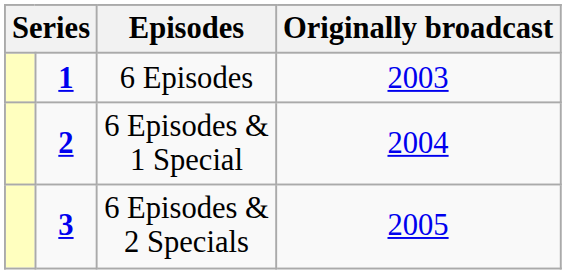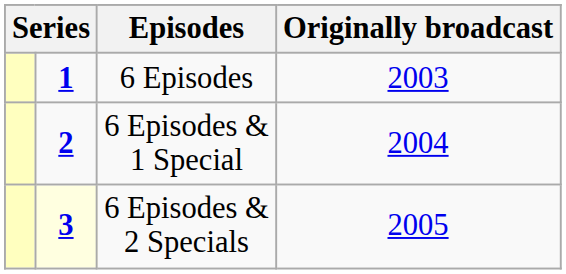 <table class="wikitable">
 <tr>
 <th colspan="2">Series</th>
 <th>Episodes</th>
 <th>Originally broadcast</th>
 </tr>
 <tr>
 <td bgcolor="#FFFFBF" height="10px"></td>
 <td align="center"><strong><a href='#'>1</a></strong></td>
 <td align="center">6 Episodes</td>
 <td align="center"><a href='#'>2003</a></td>
 </tr>
 <tr>
 <td bgcolor="#FFFFBF" height="10px"></td>
 <td align="center"><strong><a href='#'>2</a></strong></td>
 <td align="center">6 Episodes &<br>1 Special</td>
 <td align="center"><a href='#'>2004</a></td>
 </tr>
 <tr>
 <td bgcolor="#FFFFBF" height="10px"></td>
-<td align="center"><strong><a href='#'>3</a></strong></td>
+<td align="center" style="background: lightyellow;"><strong><a href='#'>3</a></strong></td>
 <td align="center">6 Episodes &<br>2 Specials</td>
 <td align="center"><a href='#'>2005</a></td>
 </tr>
 </table>
